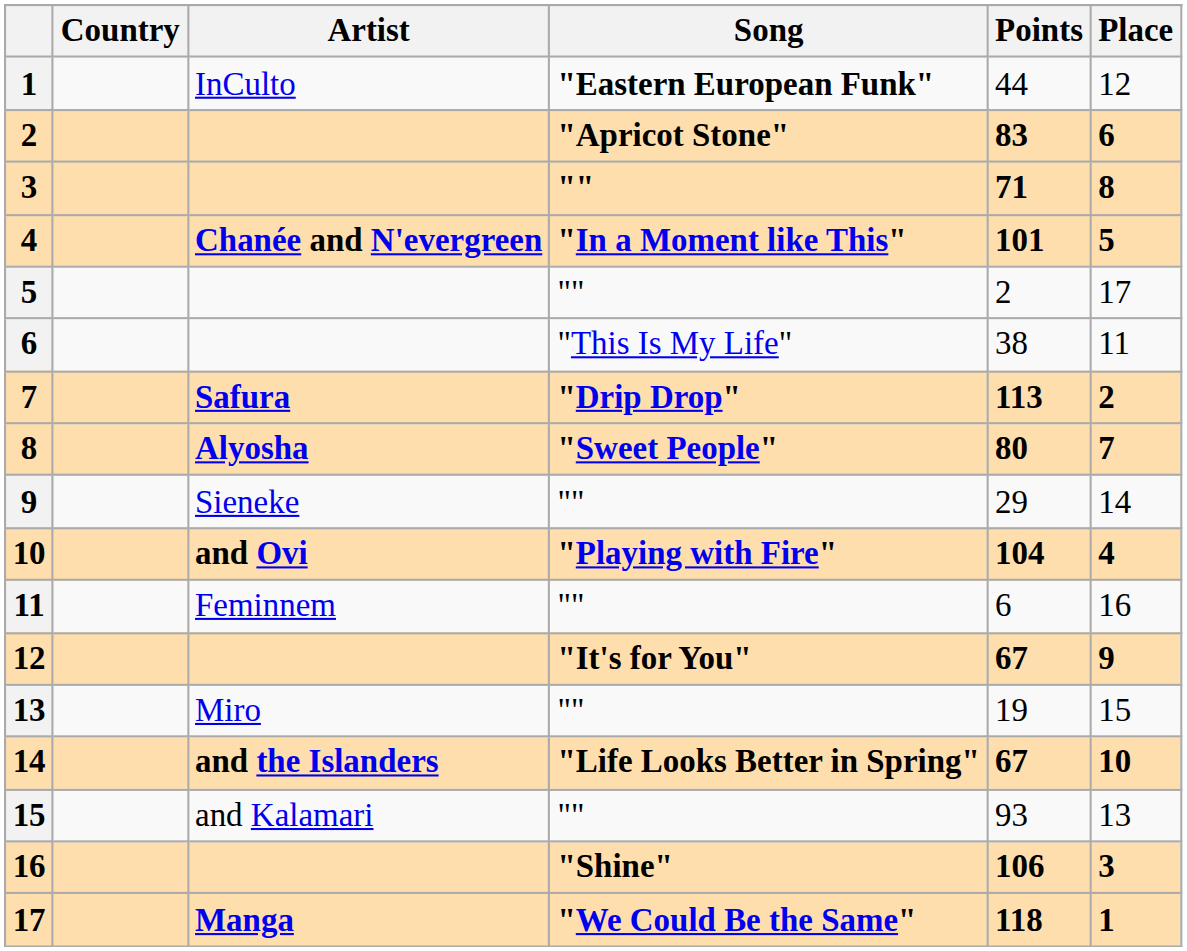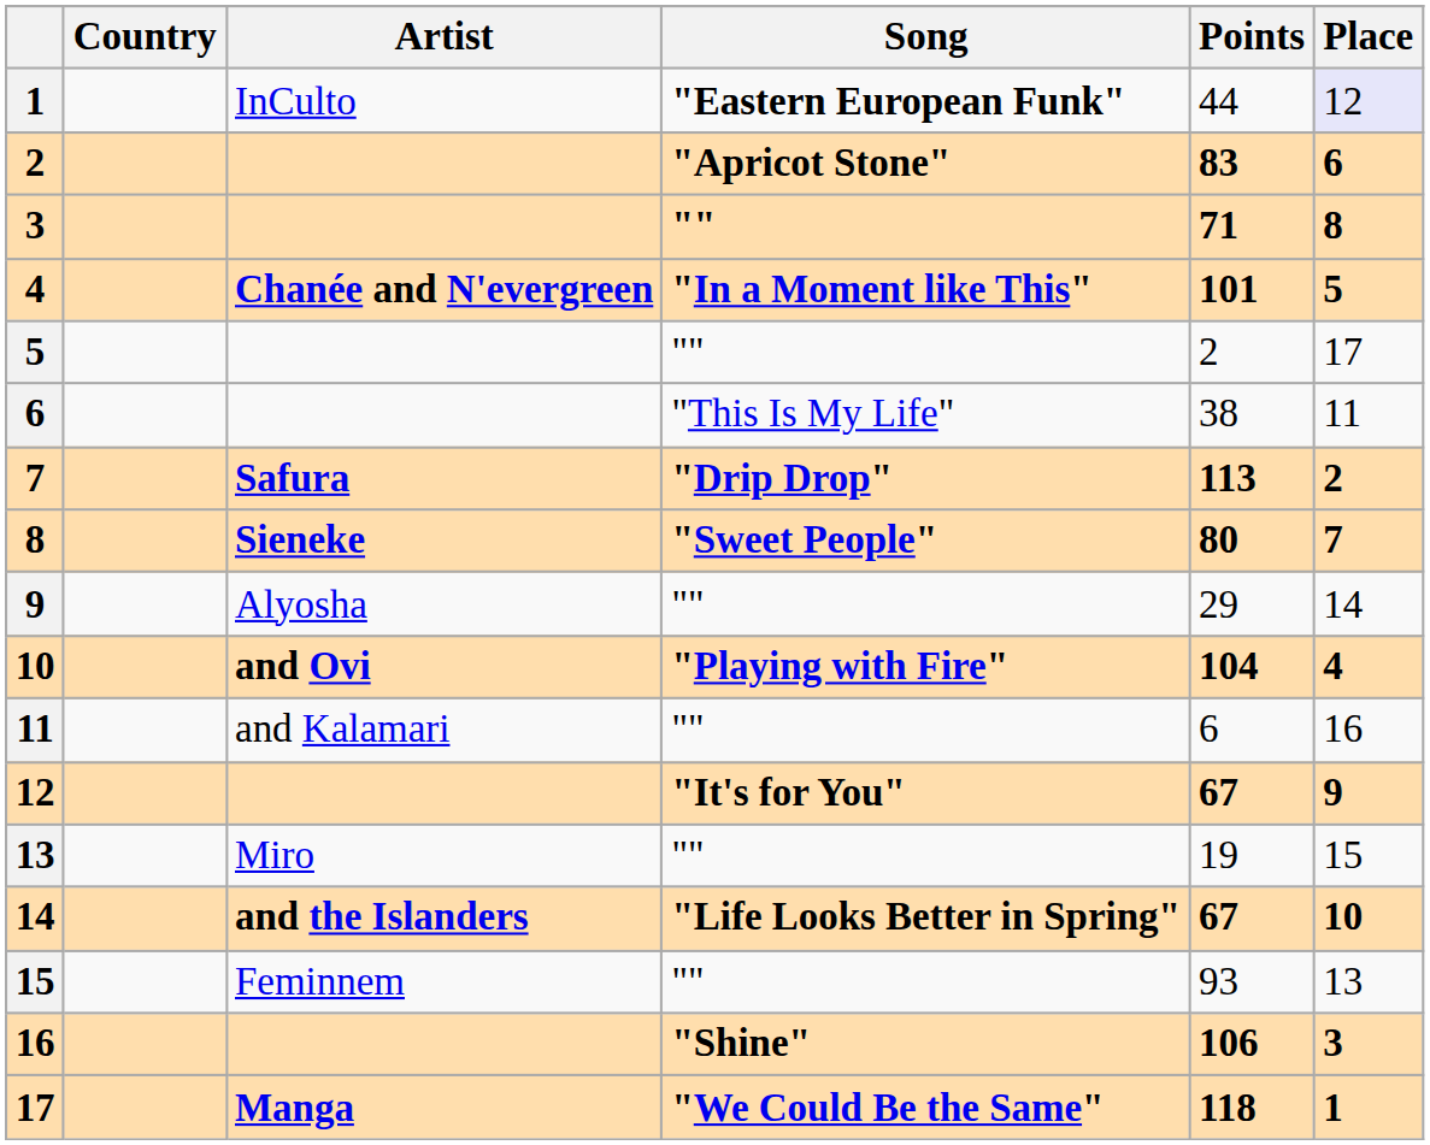 <table class="sortable wikitable plainrowheaders">
 <tr>
 </tr>
 <tr>
 <th scope="col"></th>
 <th scope="col">Country</th>
 <th scope="col">Artist</th>
 <th scope="col">Song</th>
 <th scope="col">Points</th>
 <th scope="col">Place</th>
 </tr>
 <tr>
 <th scope="row" style="text-align:center;">1</th>
 <td></td>
 <td><a href='#'>InCulto</a></td>
 <td><strong>"Eastern European Funk"</strong></td>
 <td>44</td>
-<td>12</td>
+<td style="background: lavender;">12</td>
 </tr>
 <tr style="font-weight:bold; background:navajowhite;">
 <th scope="row" style="text-align:center; font-weight:bold; background:navajowhite;">2</th>
 <td></td>
 <td></td>
 <td>"Apricot Stone"</td>
 <td>83</td>
 <td>6</td>
 </tr>
 <tr style="font-weight:bold; background:navajowhite;">
 <th scope="row" style="text-align:center; font-weight:bold; background:navajowhite;">3</th>
 <td></td>
 <td></td>
 <td>""</td>
 <td>71</td>
 <td>8</td>
 </tr>
 <tr style="font-weight:bold; background:navajowhite;">
 <th scope="row" style="text-align:center; font-weight:bold; background:navajowhite;">4</th>
 <td></td>
 <td><a href='#'>Chanée</a> and <a href='#'>N'evergreen</a></td>
 <td>"<a href='#'>In a Moment like This</a>"</td>
 <td>101</td>
 <td>5</td>
 </tr>
 <tr>
 <th scope="row" style="text-align:center;">5</th>
 <td></td>
 <td></td>
 <td>""</td>
 <td>2</td>
 <td>17</td>
 </tr>
 <tr>
 <th scope="row" style="text-align:center;">6</th>
 <td></td>
 <td></td>
 <td>"<a href='#'>This Is My Life</a>"</td>
 <td>38</td>
 <td>11</td>
 </tr>
 <tr style="font-weight:bold; background:navajowhite;">
 <th scope="row" style="text-align:center; font-weight:bold; background:navajowhite;">7</th>
 <td></td>
 <td><a href='#'>Safura</a></td>
 <td>"<a href='#'>Drip Drop</a>"</td>
 <td>113</td>
 <td>2</td>
 </tr>
 <tr style="font-weight:bold; background:navajowhite;">
 <th scope="row" style="text-align:center; font-weight:bold; background:navajowhite;">8</th>
 <td></td>
-<td><a href='#'>Alyosha</a></td>
+<td><a href='#'>Sieneke</a></td>
 <td>"<a href='#'>Sweet People</a>"</td>
 <td>80</td>
 <td>7</td>
 </tr>
 <tr>
 <th scope="row" style="text-align:center;">9</th>
 <td></td>
-<td><a href='#'>Sieneke</a></td>
+<td><a href='#'>Alyosha</a></td>
 <td>""</td>
 <td>29</td>
 <td>14</td>
 </tr>
 <tr style="font-weight:bold; background:navajowhite;">
 <th scope="row" style="text-align:center; font-weight:bold; background:navajowhite;">10</th>
 <td></td>
 <td> and <a href='#'>Ovi</a></td>
 <td>"<a href='#'>Playing with Fire</a>"</td>
 <td>104</td>
 <td>4</td>
 </tr>
 <tr>
 <th scope="row" style="text-align:center;">11</th>
 <td></td>
-<td><a href='#'>Feminnem</a></td>
+<td> and <a href='#'>Kalamari</a></td>
 <td>""</td>
 <td>6</td>
 <td>16</td>
 </tr>
 <tr style="font-weight:bold; background:navajowhite;">
 <th scope="row" style="text-align:center; font-weight:bold; background:navajowhite;">12</th>
 <td></td>
 <td></td>
 <td>"It's for You"</td>
 <td>67</td>
 <td>9</td>
 </tr>
 <tr>
 <th scope="row" style="text-align:center;">13</th>
 <td></td>
 <td><a href='#'>Miro</a></td>
 <td>""</td>
 <td>19</td>
 <td>15</td>
 </tr>
 <tr style="font-weight:bold; background:navajowhite;">
 <th scope="row" style="text-align:center; font-weight:bold; background:navajowhite;">14</th>
 <td></td>
 <td> and <a href='#'>the Islanders</a></td>
 <td>"Life Looks Better in Spring"</td>
 <td>67</td>
 <td>10</td>
 </tr>
 <tr>
 <th scope="row" style="text-align:center;">15</th>
 <td></td>
-<td> and <a href='#'>Kalamari</a></td>
+<td><a href='#'>Feminnem</a></td>
 <td>""</td>
 <td>93</td>
 <td>13</td>
 </tr>
 <tr style="font-weight:bold; background:navajowhite;">
 <th scope="row" style="text-align:center; font-weight:bold; background:navajowhite;">16</th>
 <td></td>
 <td></td>
 <td>"Shine"</td>
 <td>106</td>
 <td>3</td>
 </tr>
 <tr style="font-weight:bold; background:navajowhite;">
 <th scope="row" style="text-align:center; font-weight:bold; background:navajowhite;">17</th>
 <td></td>
 <td><a href='#'>Manga</a></td>
 <td>"<a href='#'>We Could Be the Same</a>"</td>
 <td>118</td>
 <td>1</td>
 </tr>
 </table>
